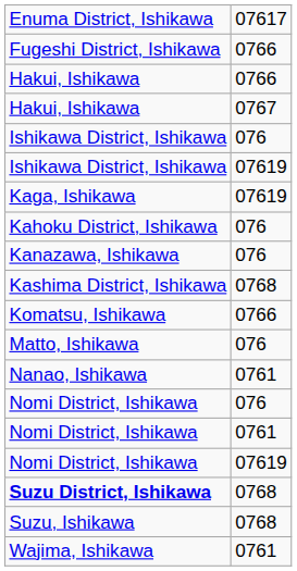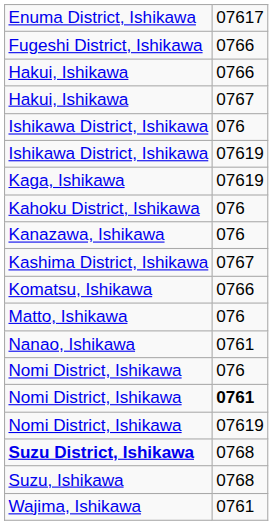 <table class="wikitable">
 <tr>
 <td><a href='#'>Enuma District, Ishikawa</a></td>
 <td>07617</td>
 </tr>
 <tr>
 <td><a href='#'>Fugeshi District, Ishikawa</a></td>
 <td>0766</td>
 </tr>
 <tr>
 <td><a href='#'>Hakui, Ishikawa</a></td>
 <td>0766</td>
 </tr>
 <tr>
 <td><a href='#'>Hakui, Ishikawa</a></td>
 <td>0767</td>
 </tr>
 <tr>
 <td><a href='#'>Ishikawa District, Ishikawa</a></td>
 <td>076</td>
 </tr>
 <tr>
 <td><a href='#'>Ishikawa District, Ishikawa</a></td>
 <td>07619</td>
 </tr>
 <tr>
 <td><a href='#'>Kaga, Ishikawa</a></td>
 <td>07619</td>
 </tr>
 <tr>
 <td><a href='#'>Kahoku District, Ishikawa</a></td>
 <td>076</td>
 </tr>
 <tr>
 <td><a href='#'>Kanazawa, Ishikawa</a></td>
 <td>076</td>
 </tr>
 <tr>
 <td><a href='#'>Kashima District, Ishikawa</a></td>
-<td>0768</td>
+<td>0767</td>
 </tr>
 <tr>
 <td><a href='#'>Komatsu, Ishikawa</a></td>
 <td>0766</td>
 </tr>
 <tr>
 <td><a href='#'>Matto, Ishikawa</a></td>
 <td>076</td>
 </tr>
 <tr>
 <td><a href='#'>Nanao, Ishikawa</a></td>
 <td>0761</td>
 </tr>
 <tr>
 <td><a href='#'>Nomi District, Ishikawa</a></td>
 <td>076</td>
 </tr>
 <tr>
 <td><a href='#'>Nomi District, Ishikawa</a></td>
-<td>0761</td>
+<td><strong>0761</strong></td>
 </tr>
 <tr>
 <td><a href='#'>Nomi District, Ishikawa</a></td>
 <td>07619</td>
 </tr>
 <tr>
 <td><strong><a href='#'>Suzu District, Ishikawa</a></strong></td>
 <td>0768</td>
 </tr>
 <tr>
 <td><a href='#'>Suzu, Ishikawa</a></td>
 <td>0768</td>
 </tr>
 <tr>
 <td><a href='#'>Wajima, Ishikawa</a></td>
 <td>0761</td>
 </tr>
 </table>
